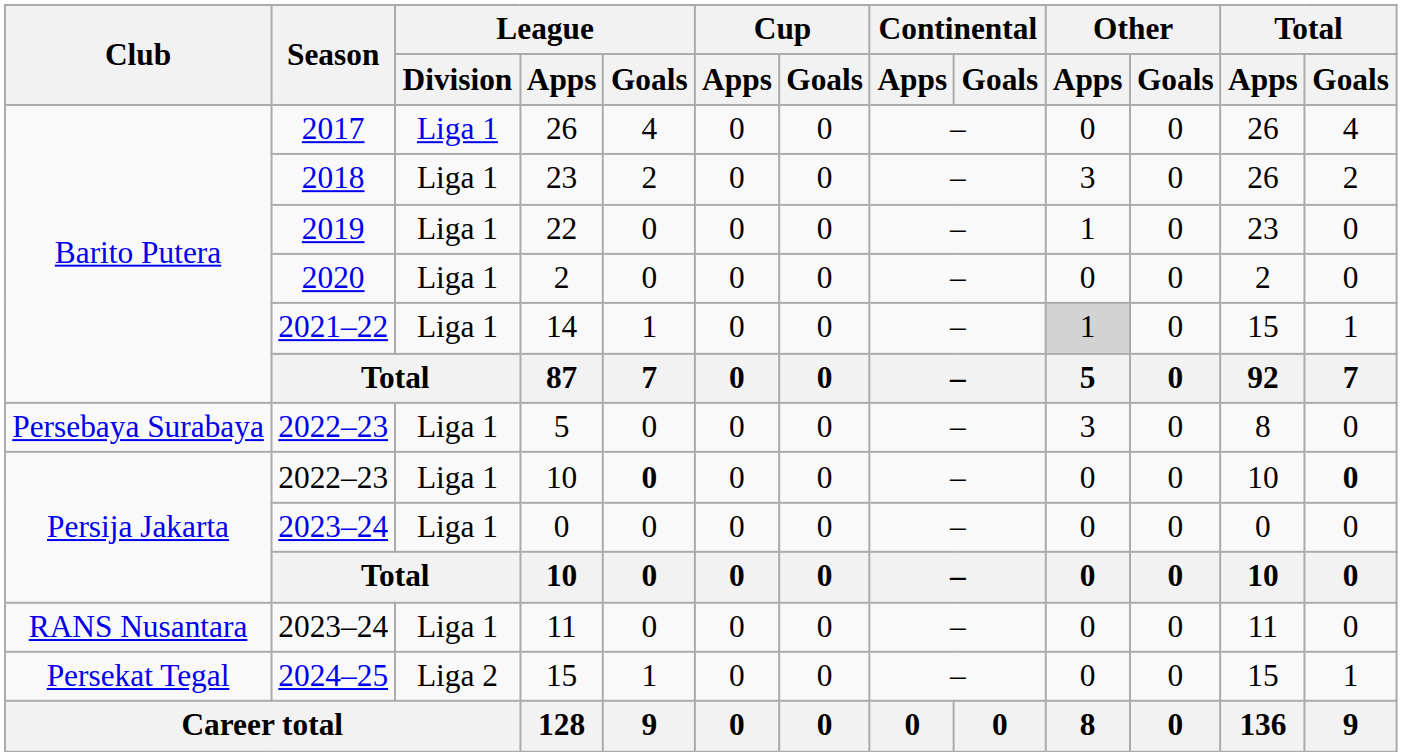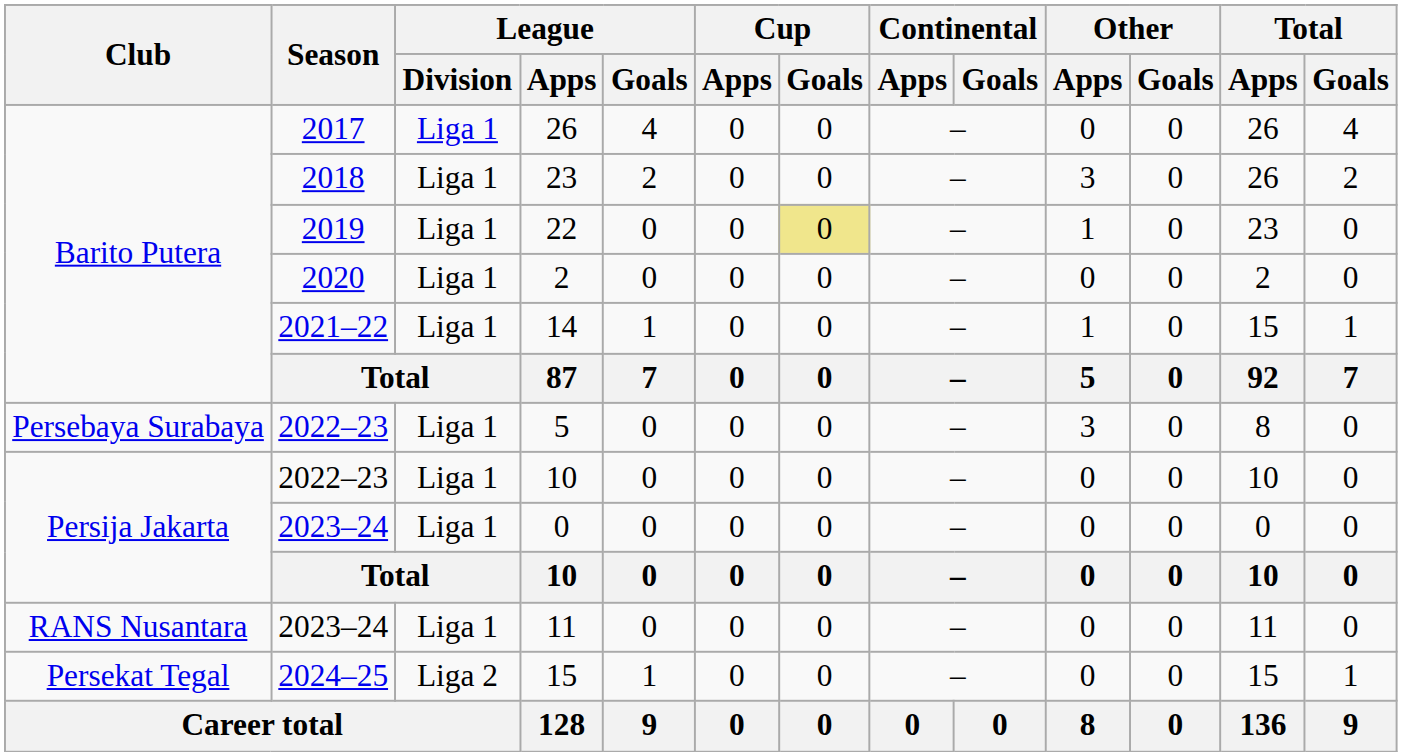 <table class="wikitable" style="text-align:center">
 <tr>
 <th rowspan="2">Club</th>
 <th rowspan="2">Season</th>
 <th colspan="3">League</th>
 <th colspan="2">Cup</th>
 <th colspan="2">Continental</th>
 <th colspan="2">Other</th>
 <th colspan="2">Total</th>
 </tr>
 <tr>
 <th>Division</th>
 <th>Apps</th>
 <th>Goals</th>
 <th>Apps</th>
 <th>Goals</th>
 <th>Apps</th>
 <th>Goals</th>
 <th>Apps</th>
 <th>Goals</th>
 <th>Apps</th>
 <th>Goals</th>
 </tr>
 <tr>
 <td rowspan="6" valign="center"><a href='#'>Barito Putera</a></td>
 <td><a href='#'>2017</a></td>
 <td rowspan="1" valign="center"><a href='#'>Liga 1</a></td>
 <td>26</td>
 <td>4</td>
 <td>0</td>
 <td>0</td>
 <td colspan="2">–</td>
 <td>0</td>
 <td>0</td>
 <td>26</td>
 <td>4</td>
 </tr>
 <tr>
 <td><a href='#'>2018</a></td>
 <td rowspan="1">Liga 1</td>
 <td>23</td>
 <td>2</td>
 <td>0</td>
 <td>0</td>
 <td colspan="2">–</td>
 <td>3</td>
 <td>0</td>
 <td>26</td>
 <td>2</td>
 </tr>
 <tr>
 <td><a href='#'>2019</a></td>
 <td rowspan="1">Liga 1</td>
 <td>22</td>
 <td>0</td>
 <td>0</td>
-<td>0</td>
+<td style="background: khaki;">0</td>
 <td colspan="2">–</td>
 <td>1</td>
 <td>0</td>
 <td>23</td>
 <td>0</td>
 </tr>
 <tr>
 <td><a href='#'>2020</a></td>
 <td rowspan="1">Liga 1</td>
 <td>2</td>
 <td>0</td>
 <td>0</td>
 <td>0</td>
 <td colspan="2">–</td>
 <td>0</td>
 <td>0</td>
 <td>2</td>
 <td>0</td>
 </tr>
 <tr>
 <td><a href='#'>2021–22</a></td>
 <td rowspan="1">Liga 1</td>
 <td>14</td>
 <td>1</td>
 <td>0</td>
 <td>0</td>
 <td colspan="2">–</td>
-<td style="background: lightgrey;">1</td>
+<td>1</td>
 <td>0</td>
 <td>15</td>
 <td>1</td>
 </tr>
 <tr>
 <th colspan="2">Total</th>
 <th>87</th>
 <th>7</th>
 <th>0</th>
 <th>0</th>
 <th colspan="2">–</th>
 <th>5</th>
 <th>0</th>
 <th>92</th>
 <th>7</th>
 </tr>
 <tr>
 <td rowspan="1"><a href='#'>Persebaya Surabaya</a></td>
 <td><a href='#'>2022–23</a></td>
 <td rowspan="1">Liga 1</td>
 <td>5</td>
 <td>0</td>
 <td>0</td>
 <td>0</td>
 <td colspan="2">–</td>
 <td>3</td>
 <td>0</td>
 <td>8</td>
 <td>0</td>
 </tr>
 <tr>
 <td rowspan="3"><a href='#'>Persija Jakarta</a></td>
 <td>2022–23</td>
 <td rowspan="1">Liga 1</td>
 <td>10</td>
-<td><strong>0</strong></td>
+<td>0</td>
 <td>0</td>
 <td>0</td>
 <td colspan="2">–</td>
 <td>0</td>
 <td>0</td>
 <td>10</td>
-<td><strong>0</strong></td>
+<td>0</td>
 </tr>
 <tr>
 <td><a href='#'>2023–24</a></td>
 <td rowspan="1">Liga 1</td>
 <td>0</td>
 <td>0</td>
 <td>0</td>
 <td>0</td>
 <td colspan="2">–</td>
 <td>0</td>
 <td>0</td>
 <td>0</td>
 <td>0</td>
 </tr>
 <tr>
 <th colspan="2">Total</th>
 <th>10</th>
 <th>0</th>
 <th>0</th>
 <th>0</th>
 <th colspan="2">–</th>
 <th>0</th>
 <th>0</th>
 <th>10</th>
 <th>0</th>
 </tr>
 <tr>
 <td rowspan="1"><a href='#'>RANS Nusantara</a></td>
 <td>2023–24</td>
 <td rowspan="1">Liga 1</td>
 <td>11</td>
 <td>0</td>
 <td>0</td>
 <td>0</td>
 <td colspan="2">–</td>
 <td>0</td>
 <td>0</td>
 <td>11</td>
 <td>0</td>
 </tr>
 <tr>
 <td rowspan="1"><a href='#'>Persekat Tegal</a></td>
 <td><a href='#'>2024–25</a></td>
 <td rowspan="1">Liga 2</td>
 <td>15</td>
 <td>1</td>
 <td>0</td>
 <td>0</td>
 <td colspan="2">–</td>
 <td>0</td>
 <td>0</td>
 <td>15</td>
 <td>1</td>
 </tr>
 <tr>
 <th colspan="3">Career total</th>
 <th>128</th>
 <th>9</th>
 <th>0</th>
 <th>0</th>
 <th>0</th>
 <th>0</th>
 <th>8</th>
 <th>0</th>
 <th>136</th>
 <th>9</th>
 </tr>
 </table>
